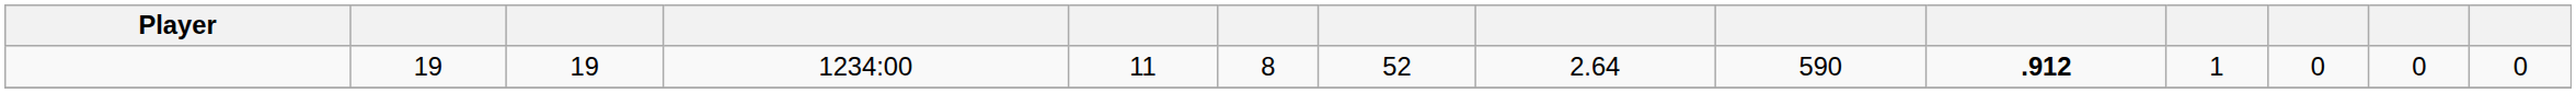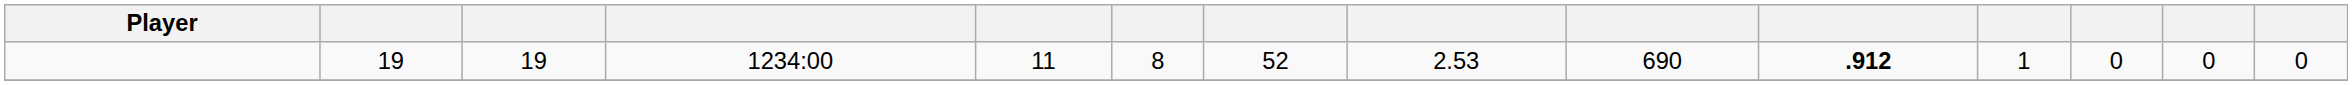 <table class="wikitable sortable" style="width:100%;">
 <tr style="text-align:center; background:#ddd;">
 <th>Player</th>
 <th></th>
 <th></th>
 <th></th>
 <th></th>
 <th></th>
 <th></th>
 <th></th>
 <th></th>
 <th></th>
 <th></th>
 <th></th>
 <th></th>
 <th></th>
 </tr>
 <tr align=center>
 <td></td>
 <td>19</td>
 <td>19</td>
 <td>1234:00</td>
 <td>11</td>
 <td>8</td>
 <td>52</td>
-<td>2.64</td>
-<td>590</td>
+<td>2.53</td>
+<td>690</td>
 <td><strong>.912</strong></td>
 <td>1</td>
 <td>0</td>
 <td>0</td>
 <td>0</td>
 </tr>
 <tr>
 </tr>
 </table>
